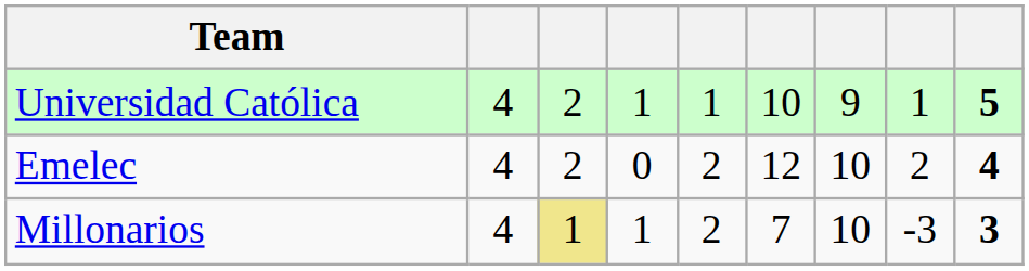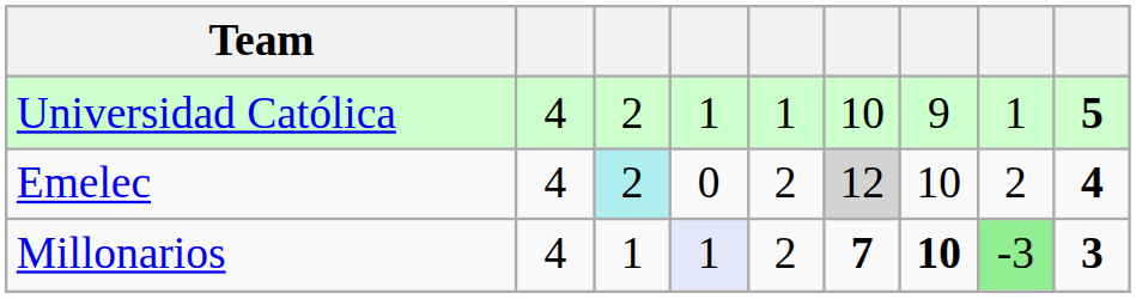 <table class="wikitable" style="text-align: center;">
 <tr>
 <th width=175>Team</th>
 <th width=20></th>
 <th width=20></th>
 <th width=20></th>
 <th width=20></th>
 <th width=20></th>
 <th width=20></th>
 <th width=20></th>
 <th width=20></th>
 </tr>
 <tr bgcolor=ccffcc>
 <td style="text-align:left;"> <a href='#'>Universidad Católica</a></td>
 <td>4</td>
 <td>2</td>
 <td>1</td>
 <td>1</td>
 <td>10</td>
 <td>9</td>
 <td>1</td>
 <td><strong>5</strong></td>
 </tr>
 <tr>
 <td style="text-align:left;"> <a href='#'>Emelec</a></td>
 <td>4</td>
-<td>2</td>
+<td style="background: paleturquoise;">2</td>
 <td>0</td>
 <td>2</td>
-<td>12</td>
+<td style="background: lightgrey;">12</td>
 <td>10</td>
 <td>2</td>
 <td><strong>4</strong></td>
 </tr>
 <tr>
 <td style="text-align:left;"> <a href='#'>Millonarios</a></td>
 <td>4</td>
-<td style="background: khaki;">1</td>
 <td>1</td>
+<td style="background: lavender;">1</td>
 <td>2</td>
-<td>7</td>
-<td>10</td>
-<td>-3</td>
+<td><strong>7</strong></td>
+<td><strong>10</strong></td>
+<td style="background: lightgreen;">-3</td>
 <td><strong>3</strong></td>
 </tr>
 </table>
